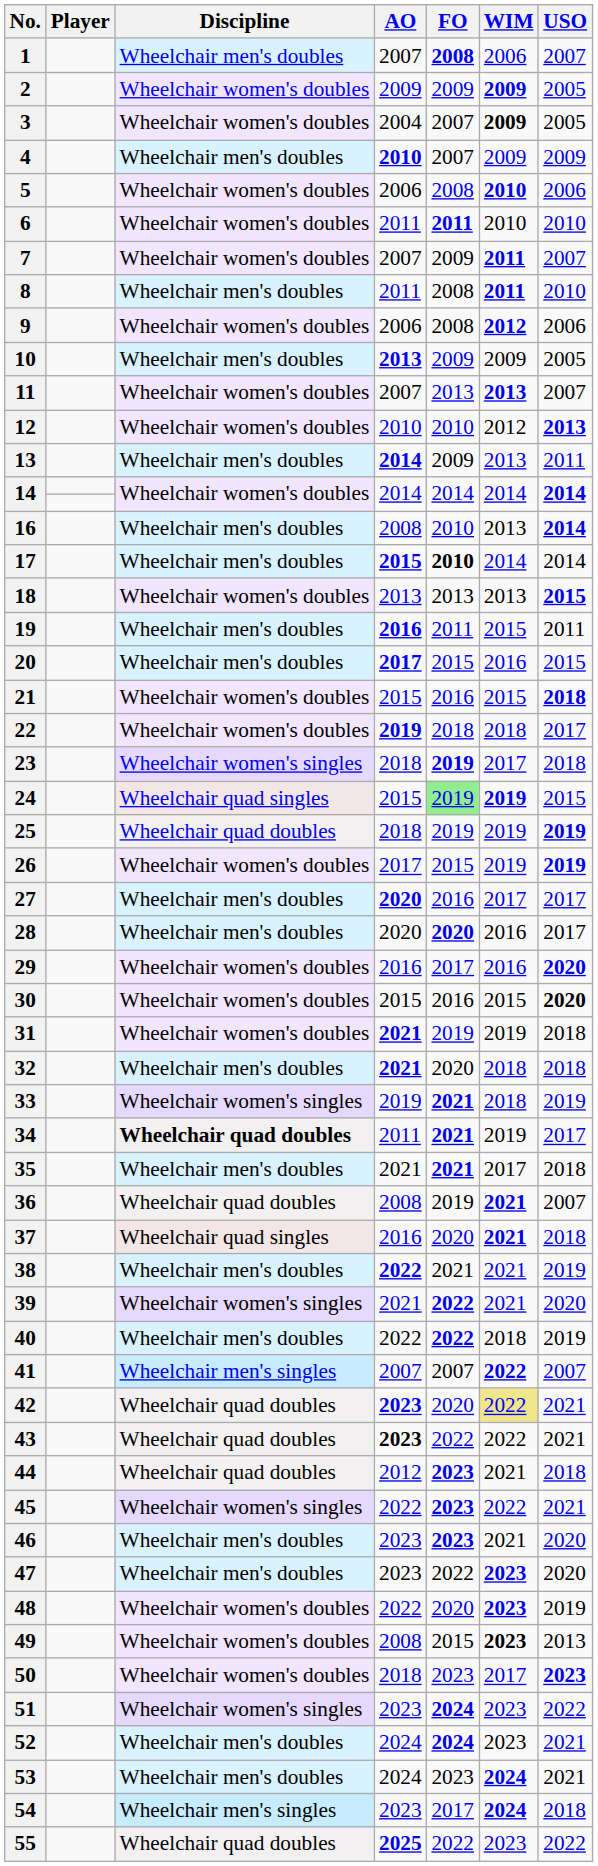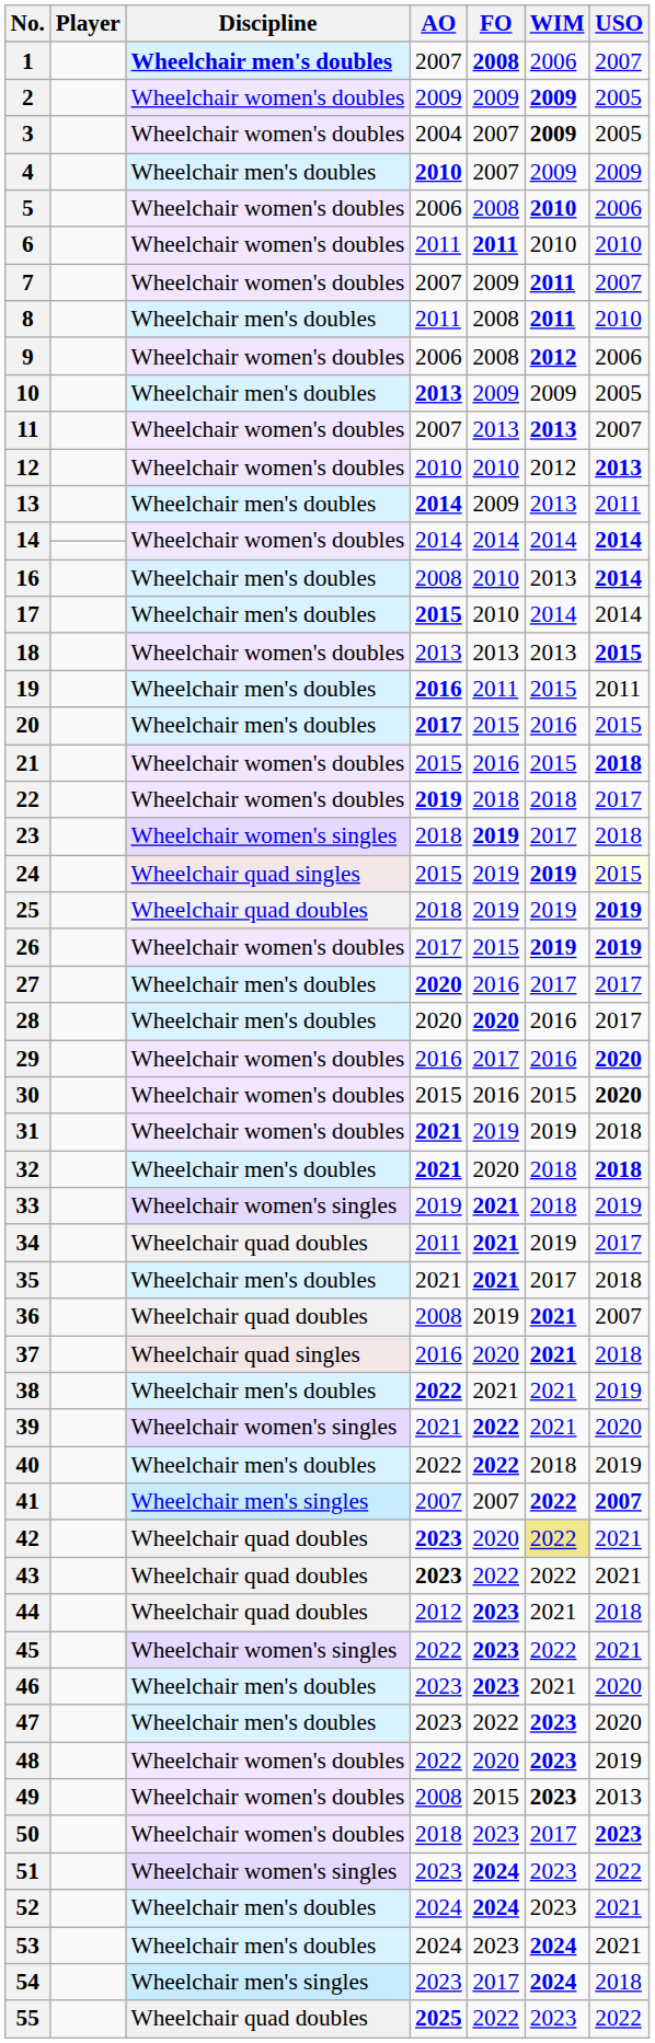 <table class="wikitable sortable mw-datatable sort-under-center sticky-table-col2 sticky-table-row1">
 <tr>
 <th scope=col>No.</th>
 <th scope=col>Player</th>
 <th scope=col>Discipline</th>
 <th scope=col class=unsortable><a href='#'>AO</a></th>
 <th scope=col class=unsortable><a href='#'>FO</a></th>
 <th scope=col class=unsortable><a href='#'>WIM</a></th>
 <th scope=col class=unsortable><a href='#'>USO</a></th>
 </tr>
 <tr>
 <th scope=row>1</th>
 <td></td>
-<td style="background:#d9f2ff" data-sort-value="11"><a href='#'>Wheelchair men's doubles</a></td>
+<td style="background:#d9f2ff" data-sort-value="11"><strong><a href='#'>Wheelchair men's doubles</a></strong></td>
 <td>2007</td>
 <td><strong><a href='#'>2008</a></strong></td>
 <td><a href='#'>2006</a></td>
 <td><a href='#'>2007</a></td>
 </tr>
 <tr>
 <th scope=row>2</th>
 <td></td>
 <td style="background:#f2e6ff" data-sort-value="12"><a href='#'>Wheelchair women's doubles</a></td>
 <td><a href='#'>2009</a></td>
 <td><a href='#'>2009</a></td>
 <td><strong><a href='#'>2009</a></strong></td>
 <td><a href='#'>2005</a></td>
 </tr>
 <tr>
 <th scope=row>3</th>
 <td></td>
 <td style="background:#f2e6ff" data-sort-value="12">Wheelchair women's doubles</td>
 <td>2004</td>
 <td>2007</td>
 <td><strong>2009</strong></td>
 <td>2005</td>
 </tr>
 <tr>
 <th scope=row>4</th>
 <td></td>
 <td style="background:#d9f2ff" data-sort-value="11">Wheelchair men's doubles</td>
 <td><strong><a href='#'>2010</a></strong></td>
 <td>2007</td>
 <td><a href='#'>2009</a></td>
 <td><a href='#'>2009</a></td>
 </tr>
 <tr>
 <th scope=row>5</th>
 <td></td>
 <td style="background:#f2e6ff" data-sort-value="12">Wheelchair women's doubles</td>
 <td>2006</td>
 <td><a href='#'>2008</a></td>
 <td><strong><a href='#'>2010</a></strong></td>
 <td><a href='#'>2006</a></td>
 </tr>
 <tr>
 <th scope=row>6</th>
 <td></td>
 <td style="background:#f2e6ff" data-sort-value="12">Wheelchair women's doubles</td>
 <td><a href='#'>2011</a></td>
 <td><strong><a href='#'>2011</a></strong></td>
 <td>2010</td>
 <td><a href='#'>2010</a></td>
 </tr>
 <tr>
 <th scope=row>7</th>
 <td></td>
 <td style="background:#f2e6ff" data-sort-value="12">Wheelchair women's doubles</td>
 <td>2007</td>
 <td>2009</td>
 <td><strong><a href='#'>2011</a></strong></td>
 <td><a href='#'>2007</a></td>
 </tr>
 <tr>
 <th scope=row>8</th>
 <td></td>
 <td style="background:#d9f2ff" data-sort-value="11">Wheelchair men's doubles</td>
 <td><a href='#'>2011</a></td>
 <td>2008</td>
 <td><strong><a href='#'>2011</a></strong></td>
 <td><a href='#'>2010</a></td>
 </tr>
 <tr>
 <th scope=row>9</th>
 <td></td>
 <td style="background:#f2e6ff" data-sort-value="12">Wheelchair women's doubles</td>
 <td>2006</td>
 <td>2008</td>
 <td><strong><a href='#'>2012</a></strong></td>
 <td>2006</td>
 </tr>
 <tr>
 <th scope=row>10</th>
 <td></td>
 <td style="background:#d9f2ff" data-sort-value="11">Wheelchair men's doubles</td>
 <td><strong><a href='#'>2013</a></strong></td>
 <td><a href='#'>2009</a></td>
 <td>2009</td>
 <td>2005</td>
 </tr>
 <tr>
 <th scope=row>11</th>
 <td></td>
 <td style="background:#f2e6ff" data-sort-value="12">Wheelchair women's doubles</td>
 <td>2007</td>
 <td><a href='#'>2013</a></td>
 <td><strong><a href='#'>2013</a></strong></td>
 <td>2007</td>
 </tr>
 <tr>
 <th scope=row>12</th>
 <td></td>
 <td style="background:#f2e6ff" data-sort-value="12">Wheelchair women's doubles</td>
 <td><a href='#'>2010</a></td>
 <td><a href='#'>2010</a></td>
 <td>2012</td>
 <td><strong><a href='#'>2013</a></strong></td>
 </tr>
 <tr>
 <th scope=row>13</th>
 <td></td>
 <td style="background:#d9f2ff" data-sort-value="11">Wheelchair men's doubles</td>
 <td><strong><a href='#'>2014</a></strong></td>
 <td>2009</td>
 <td><a href='#'>2013</a></td>
 <td><a href='#'>2011</a></td>
 </tr>
 <tr>
 <th rowspan="2" scope=row>14</th>
 <td></td>
 <td rowspan="2" style="background:#f2e6ff" data-sort-value="12">Wheelchair women's doubles</td>
 <td rowspan="2"><a href='#'>2014</a></td>
 <td rowspan="2"><a href='#'>2014</a></td>
 <td rowspan="2"><a href='#'>2014</a></td>
 <td rowspan="2"><strong><a href='#'>2014</a></strong></td>
 </tr>
 <tr>
 <td style=text-align:left class=sticky-table-left></td>
 </tr>
 <tr>
 <th scope=row>16</th>
 <td></td>
 <td style="background:#d9f2ff" data-sort-value="11">Wheelchair men's doubles</td>
 <td><a href='#'>2008</a></td>
 <td><a href='#'>2010</a></td>
 <td>2013</td>
 <td><strong><a href='#'>2014</a></strong></td>
 </tr>
 <tr>
 <th scope=row>17</th>
 <td></td>
 <td style="background:#d9f2ff" data-sort-value="11">Wheelchair men's doubles</td>
 <td><strong><a href='#'>2015</a></strong></td>
-<td><strong>2010</strong></td>
+<td>2010</td>
 <td><a href='#'>2014</a></td>
 <td>2014</td>
 </tr>
 <tr>
 <th scope=row>18</th>
 <td></td>
 <td style="background:#f2e6ff" data-sort-value="12">Wheelchair women's doubles</td>
 <td><a href='#'>2013</a></td>
 <td>2013</td>
 <td>2013</td>
 <td><strong><a href='#'>2015</a></strong></td>
 </tr>
 <tr>
 <th scope=row>19</th>
 <td></td>
 <td style="background:#d9f2ff" data-sort-value="11">Wheelchair men's doubles</td>
 <td><strong><a href='#'>2016</a></strong></td>
 <td><a href='#'>2011</a></td>
 <td><a href='#'>2015</a></td>
 <td>2011</td>
 </tr>
 <tr>
 <th scope=row>20</th>
 <td></td>
 <td style="background:#d9f2ff" data-sort-value="11">Wheelchair men's doubles</td>
 <td><strong><a href='#'>2017</a></strong></td>
 <td><a href='#'>2015</a></td>
 <td><a href='#'>2016</a></td>
 <td><a href='#'>2015</a></td>
 </tr>
 <tr>
 <th scope=row>21</th>
 <td></td>
 <td style="background:#f2e6ff" data-sort-value="12">Wheelchair women's doubles</td>
 <td><a href='#'>2015</a></td>
 <td><a href='#'>2016</a></td>
 <td><a href='#'>2015</a></td>
 <td><strong><a href='#'>2018</a></strong></td>
 </tr>
 <tr>
 <th scope=row>22</th>
 <td></td>
 <td style="background:#f2e6ff" data-sort-value="12">Wheelchair women's doubles</td>
 <td><strong><a href='#'>2019</a></strong></td>
 <td><a href='#'>2018</a></td>
 <td><a href='#'>2018</a></td>
 <td><a href='#'>2017</a></td>
 </tr>
 <tr>
 <th scope=row>23</th>
 <td></td>
 <td style="background:#e6d9ff" data-sort-value="9"><a href='#'>Wheelchair women's singles</a></td>
 <td><a href='#'>2018</a></td>
 <td><strong><a href='#'>2019</a></strong></td>
 <td><a href='#'>2017</a></td>
 <td><a href='#'>2018</a></td>
 </tr>
 <tr>
 <th scope=row>24</th>
 <td></td>
 <td style="background:#f2e6e6" data-sort-value="10"><a href='#'>Wheelchair quad singles</a></td>
 <td><a href='#'>2015</a></td>
-<td style="background: lightgreen;"><a href='#'>2019</a></td>
+<td><a href='#'>2019</a></td>
 <td><strong><a href='#'>2019</a></strong></td>
-<td><a href='#'>2015</a></td>
+<td style="background: lightyellow;"><a href='#'>2015</a></td>
 </tr>
 <tr>
 <th scope=row>25</th>
 <td></td>
 <td style="background:#f2f0f0" data-sort-value="13"><a href='#'>Wheelchair quad doubles</a></td>
 <td><a href='#'>2018</a></td>
 <td><a href='#'>2019</a></td>
 <td><a href='#'>2019</a></td>
 <td><strong><a href='#'>2019</a></strong></td>
 </tr>
 <tr>
 <th scope=row>26</th>
 <td></td>
 <td style="background:#f2e6ff" data-sort-value="12">Wheelchair women's doubles</td>
 <td><a href='#'>2017</a></td>
 <td><a href='#'>2015</a></td>
-<td><a href='#'>2019</a></td>
+<td><strong><a href='#'>2019</a></strong></td>
 <td><strong><a href='#'>2019</a></strong></td>
 </tr>
 <tr>
 <th scope=row>27</th>
 <td></td>
 <td style="background:#d9f2ff" data-sort-value="11">Wheelchair men's doubles</td>
 <td><strong><a href='#'>2020</a></strong></td>
 <td><a href='#'>2016</a></td>
 <td><a href='#'>2017</a></td>
 <td><a href='#'>2017</a></td>
 </tr>
 <tr>
 <th scope=row>28</th>
 <td></td>
 <td style="background:#d9f2ff" data-sort-value="11">Wheelchair men's doubles</td>
 <td>2020</td>
 <td><strong><a href='#'>2020</a></strong></td>
 <td>2016</td>
 <td>2017</td>
 </tr>
 <tr>
 <th scope=row>29</th>
 <td></td>
 <td style="background:#f2e6ff" data-sort-value="12">Wheelchair women's doubles</td>
 <td><a href='#'>2016</a></td>
 <td><a href='#'>2017</a></td>
 <td><a href='#'>2016</a></td>
 <td><strong><a href='#'>2020</a></strong></td>
 </tr>
 <tr>
 <th scope=row>30</th>
 <td></td>
 <td style="background:#f2e6ff" data-sort-value="12">Wheelchair women's doubles</td>
 <td>2015</td>
 <td>2016</td>
 <td>2015</td>
 <td><strong>2020</strong></td>
 </tr>
 <tr>
 <th scope=row>31</th>
 <td></td>
 <td style="background:#f2e6ff" data-sort-value="12">Wheelchair women's doubles</td>
 <td><strong><a href='#'>2021</a></strong></td>
 <td><a href='#'>2019</a></td>
 <td>2019</td>
 <td>2018</td>
 </tr>
 <tr>
 <th scope=row>32</th>
 <td></td>
 <td style="background:#d9f2ff" data-sort-value="11">Wheelchair men's doubles</td>
 <td><strong><a href='#'>2021</a></strong></td>
 <td>2020</td>
 <td><a href='#'>2018</a></td>
-<td><a href='#'>2018</a></td>
+<td><strong><a href='#'>2018</a></strong></td>
 </tr>
 <tr>
 <th scope=row>33</th>
 <td></td>
 <td style="background:#e6d9ff" data-sort-value="9">Wheelchair women's singles</td>
 <td><a href='#'>2019</a></td>
 <td><strong><a href='#'>2021</a></strong></td>
 <td><a href='#'>2018</a></td>
 <td><a href='#'>2019</a></td>
 </tr>
 <tr>
 <th scope=row>34</th>
 <td></td>
-<td style="background:#f2f0f0" data-sort-value="13"><strong>Wheelchair quad doubles</strong></td>
+<td style="background:#f2f0f0" data-sort-value="13">Wheelchair quad doubles</td>
 <td><a href='#'>2011</a></td>
 <td><strong><a href='#'>2021</a></strong></td>
 <td>2019</td>
 <td><a href='#'>2017</a></td>
 </tr>
 <tr>
 <th scope=row>35</th>
 <td></td>
 <td style="background:#d9f2ff" data-sort-value="11">Wheelchair men's doubles</td>
 <td>2021</td>
 <td><strong><a href='#'>2021</a></strong></td>
 <td>2017</td>
 <td>2018</td>
 </tr>
 <tr>
 <th scope=row>36</th>
 <td></td>
 <td style="background:#f2f0f0" data-sort-value="13">Wheelchair quad doubles</td>
 <td><a href='#'>2008</a></td>
 <td>2019</td>
 <td><strong><a href='#'>2021</a></strong></td>
 <td>2007</td>
 </tr>
 <tr>
 <th scope=row>37</th>
 <td></td>
 <td style="background:#f2e6e6" data-sort-value="10">Wheelchair quad singles</td>
 <td><a href='#'>2016</a></td>
 <td><a href='#'>2020</a></td>
 <td><strong><a href='#'>2021</a></strong></td>
 <td><a href='#'>2018</a></td>
 </tr>
 <tr>
 <th scope=row>38</th>
 <td></td>
 <td style="background:#d9f2ff" data-sort-value="11">Wheelchair men's doubles</td>
 <td><strong><a href='#'>2022</a></strong></td>
 <td>2021</td>
 <td><a href='#'>2021</a></td>
 <td><a href='#'>2019</a></td>
 </tr>
 <tr>
 <th scope=row>39</th>
 <td></td>
 <td style="background:#e6d9ff" data-sort-value="9">Wheelchair women's singles</td>
 <td><a href='#'>2021</a></td>
 <td><strong><a href='#'>2022</a></strong></td>
 <td><a href='#'>2021</a></td>
 <td><a href='#'>2020</a></td>
 </tr>
 <tr>
 <th scope=row>40</th>
 <td></td>
 <td style="background:#d9f2ff" data-sort-value="11">Wheelchair men's doubles</td>
 <td>2022</td>
 <td><strong><a href='#'>2022</a></strong></td>
 <td>2018</td>
 <td>2019</td>
 </tr>
 <tr>
 <th scope=row>41</th>
 <td></td>
 <td style="background:#c7ebff" data-sort-value="8"><a href='#'>Wheelchair men's singles</a></td>
 <td><a href='#'>2007</a></td>
 <td>2007</td>
 <td><strong><a href='#'>2022</a></strong></td>
-<td><a href='#'>2007</a></td>
+<td><strong><a href='#'>2007</a></strong></td>
 </tr>
 <tr>
 <th scope=row>42</th>
 <td></td>
 <td style="background:#f2f0f0" data-sort-value="13">Wheelchair quad doubles</td>
 <td><strong><a href='#'>2023</a></strong></td>
 <td><a href='#'>2020</a></td>
 <td style="background: khaki;"><a href='#'>2022</a></td>
 <td><a href='#'>2021</a></td>
 </tr>
 <tr>
 <th scope=row>43</th>
 <td></td>
 <td style="background:#f2f0f0" data-sort-value="13">Wheelchair quad doubles</td>
 <td><strong>2023</strong></td>
 <td><a href='#'>2022</a></td>
 <td>2022</td>
 <td>2021</td>
 </tr>
 <tr>
 <th scope=row>44</th>
 <td></td>
 <td style="background:#f2f0f0" data-sort-value="13">Wheelchair quad doubles</td>
 <td><a href='#'>2012</a></td>
 <td><strong><a href='#'>2023</a></strong></td>
 <td>2021</td>
 <td><a href='#'>2018</a></td>
 </tr>
 <tr>
 <th scope=row>45</th>
 <td></td>
 <td style="background:#e6d9ff" data-sort-value="9">Wheelchair women's singles</td>
 <td><a href='#'>2022</a></td>
 <td><strong><a href='#'>2023</a></strong></td>
 <td><a href='#'>2022</a></td>
 <td><a href='#'>2021</a></td>
 </tr>
 <tr>
 <th scope=row>46</th>
 <td></td>
 <td style="background:#d9f2ff" data-sort-value="11">Wheelchair men's doubles</td>
 <td><a href='#'>2023</a></td>
 <td><strong><a href='#'>2023</a></strong></td>
 <td>2021</td>
 <td><a href='#'>2020</a></td>
 </tr>
 <tr>
 <th scope=row>47</th>
 <td></td>
 <td style="background:#d9f2ff" data-sort-value="11">Wheelchair men's doubles</td>
 <td>2023</td>
 <td>2022</td>
 <td><strong><a href='#'>2023</a></strong></td>
 <td>2020</td>
 </tr>
 <tr>
 <th scope=row>48</th>
 <td></td>
 <td style="background:#f2e6ff" data-sort-value="12">Wheelchair women's doubles</td>
 <td><a href='#'>2022</a></td>
 <td><a href='#'>2020</a></td>
 <td><strong><a href='#'>2023</a></strong></td>
 <td>2019</td>
 </tr>
 <tr>
 <th scope=row>49</th>
 <td></td>
 <td style="background:#f2e6ff" data-sort-value="12">Wheelchair women's doubles</td>
 <td><a href='#'>2008</a></td>
 <td>2015</td>
 <td><strong>2023</strong></td>
 <td>2013</td>
 </tr>
 <tr>
 <th scope=row>50</th>
 <td></td>
 <td style="background:#f2e6ff" data-sort-value="12">Wheelchair women's doubles</td>
 <td><a href='#'>2018</a></td>
 <td><a href='#'>2023</a></td>
 <td><a href='#'>2017</a></td>
 <td><strong><a href='#'>2023</a></strong></td>
 </tr>
 <tr>
 <th scope=row>51</th>
 <td></td>
 <td style="background:#e6d9ff" data-sort-value="9">Wheelchair women's singles</td>
 <td><a href='#'>2023</a></td>
 <td><strong><a href='#'>2024</a></strong></td>
 <td><a href='#'>2023</a></td>
 <td><a href='#'>2022</a></td>
 </tr>
 <tr>
 <th scope=row>52</th>
 <td></td>
 <td style="background:#d9f2ff" data-sort-value="11">Wheelchair men's doubles</td>
 <td><a href='#'>2024</a></td>
 <td><strong><a href='#'>2024</a></strong></td>
 <td>2023</td>
 <td><a href='#'>2021</a></td>
 </tr>
 <tr>
 <th scope=row>53</th>
 <td></td>
 <td style="background:#d9f2ff" data-sort-value="11">Wheelchair men's doubles</td>
 <td>2024</td>
 <td>2023</td>
 <td><strong><a href='#'>2024</a></strong></td>
 <td>2021</td>
 </tr>
 <tr>
 <th scope=row>54</th>
 <td></td>
 <td style="background:#c7ebff" data-sort-value="8">Wheelchair men's singles</td>
 <td><a href='#'>2023</a></td>
 <td><a href='#'>2017</a></td>
 <td><strong><a href='#'>2024</a></strong></td>
 <td><a href='#'>2018</a></td>
 </tr>
 <tr>
 <th scope=row>55</th>
 <td></td>
 <td style="background:#f2f0f0" data-sort-value="13">Wheelchair quad doubles</td>
 <td><strong><a href='#'>2025</a></strong></td>
 <td><a href='#'>2022</a></td>
 <td><a href='#'>2023</a></td>
 <td><a href='#'>2022</a></td>
 </tr>
 </table>
